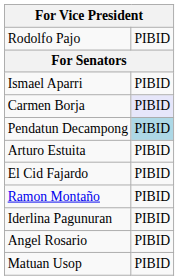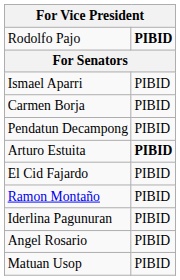 <table class=wikitable style="font-size:90%">
 <tr>
 <th colspan=5>For Vice President</th>
 </tr>
 <tr>
 <td>Rodolfo Pajo</td>
-<td>PIBID</td>
+<td><strong>PIBID</strong></td>
 </tr>
 <tr>
 <th colspan=5>For Senators</th>
 </tr>
 <tr>
 <td>Ismael Aparri</td>
 <td>PIBID</td>
 </tr>
 <tr>
 <td>Carmen Borja</td>
-<td style="background: lavender;">PIBID</td>
+<td>PIBID</td>
 </tr>
 <tr>
 <td>Pendatun Decampong</td>
-<td style="background: lightblue;">PIBID</td>
+<td>PIBID</td>
 </tr>
 <tr>
 <td>Arturo Estuita</td>
-<td>PIBID</td>
+<td><strong>PIBID</strong></td>
 </tr>
 <tr>
 <td>El Cid Fajardo</td>
 <td>PIBID</td>
 </tr>
 <tr>
 <td><a href='#'>Ramon Montaño</a></td>
 <td>PIBID</td>
 </tr>
 <tr>
 <td>Iderlina Pagunuran</td>
 <td>PIBID</td>
 </tr>
 <tr>
 <td>Angel Rosario</td>
 <td>PIBID</td>
 </tr>
 <tr>
 <td>Matuan Usop</td>
 <td>PIBID</td>
 </tr>
 </table>
